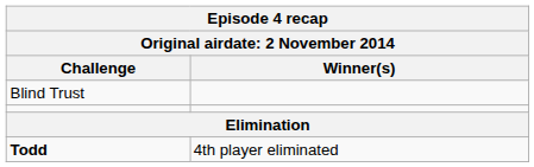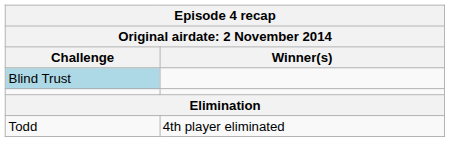 <table class="wikitable" style="font-size: 95%; margin: 10px" align="right" width="40%">
 <tr>
 <th colspan=3>Episode 4 recap</th>
 </tr>
 <tr>
 <th colspan=3>Original airdate: 2 November 2014</th>
 </tr>
 <tr>
 <th>Challenge</th>
 <th>Winner(s)</th>
 </tr>
 <tr>
-<td>Blind Trust</td>
+<td style="background: lightblue;">Blind Trust</td>
 <td></td>
 </tr>
 <tr>
 <td></td>
 <td></td>
 </tr>
 <tr>
 <th colspan=3>Elimination</th>
 </tr>
 <tr>
-<td><strong>Todd</strong></td>
+<td>Todd</td>
 <td colspan=2>4th player eliminated</td>
 </tr>
 </table>
